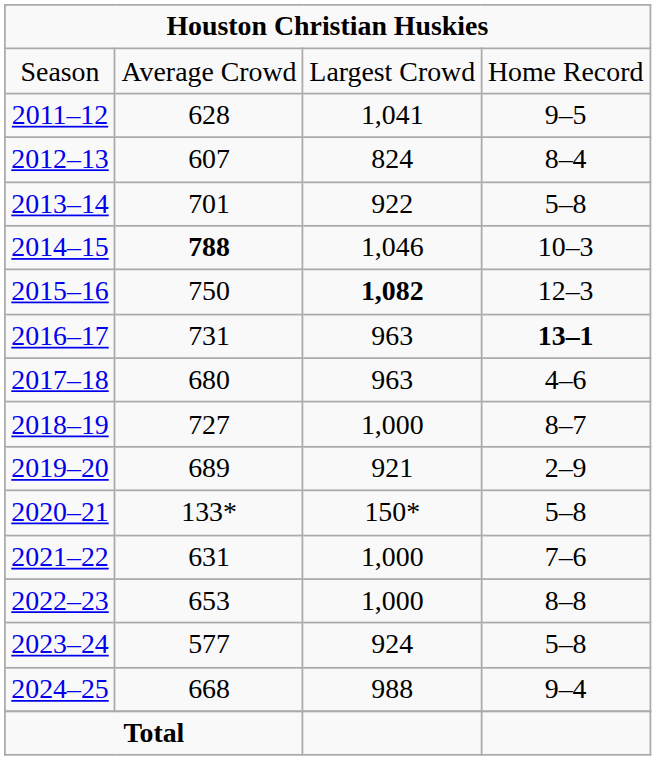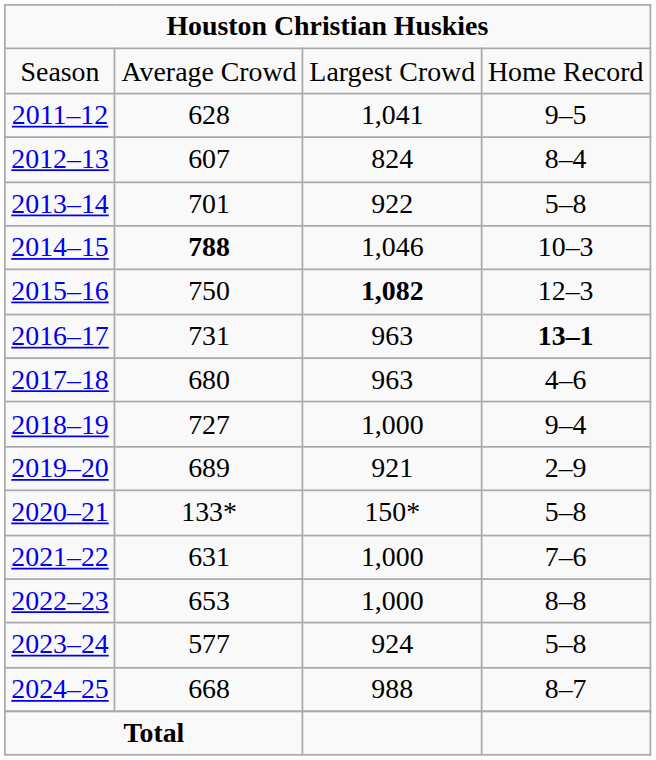 <table class="wikitable">
 <tr align="center">
 <td colspan="4"><strong>Houston Christian Huskies</strong></td>
 </tr>
 <tr align="center">
 <td>Season</td>
 <td>Average Crowd</td>
 <td>Largest Crowd</td>
 <td>Home Record</td>
 </tr>
 <tr align="center">
 <td><a href='#'>2011–12</a></td>
 <td>628</td>
 <td>1,041</td>
 <td>9–5</td>
 </tr>
 <tr align="center">
 <td><a href='#'>2012–13</a></td>
 <td>607</td>
 <td>824</td>
 <td>8–4</td>
 </tr>
 <tr align="center">
 <td><a href='#'>2013–14</a></td>
 <td>701</td>
 <td>922</td>
 <td>5–8</td>
 </tr>
 <tr align="center">
 <td><a href='#'>2014–15</a></td>
 <td><strong>788</strong></td>
 <td>1,046</td>
 <td>10–3</td>
 </tr>
 <tr align="center">
 <td><a href='#'>2015–16</a></td>
 <td>750</td>
 <td><strong>1,082</strong></td>
 <td>12–3</td>
 </tr>
 <tr align="center">
 <td><a href='#'>2016–17</a></td>
 <td>731</td>
 <td>963</td>
 <td><strong>13–1</strong></td>
 </tr>
 <tr align="center">
 <td><a href='#'>2017–18</a></td>
 <td>680</td>
 <td>963</td>
 <td>4–6</td>
 </tr>
 <tr align="center">
 <td><a href='#'>2018–19</a></td>
 <td>727</td>
 <td>1,000</td>
-<td>8–7</td>
+<td>9–4</td>
 </tr>
 <tr align="center">
 <td><a href='#'>2019–20</a></td>
 <td>689</td>
 <td>921</td>
 <td>2–9</td>
 </tr>
 <tr align="center">
 <td><a href='#'>2020–21</a></td>
 <td>133*</td>
 <td>150*</td>
 <td>5–8</td>
 </tr>
 <tr align="center">
 <td><a href='#'>2021–22</a></td>
 <td>631</td>
 <td>1,000</td>
 <td>7–6</td>
 </tr>
 <tr align="center">
 <td><a href='#'>2022–23</a></td>
 <td>653</td>
 <td>1,000</td>
 <td>8–8</td>
 </tr>
 <tr align="center">
 <td><a href='#'>2023–24</a></td>
 <td>577</td>
 <td>924</td>
 <td>5–8</td>
 </tr>
 <tr align="center">
 <td><a href='#'>2024–25</a></td>
 <td>668</td>
 <td>988</td>
-<td>9–4</td>
+<td>8–7</td>
 </tr>
 <tr align="center">
 </tr>
 <tr style="text-align:center; ">
 <td colspan="2"><strong>Total</strong></td>
 <td></td>
 <td><strong></strong></td>
 </tr>
 </table>
